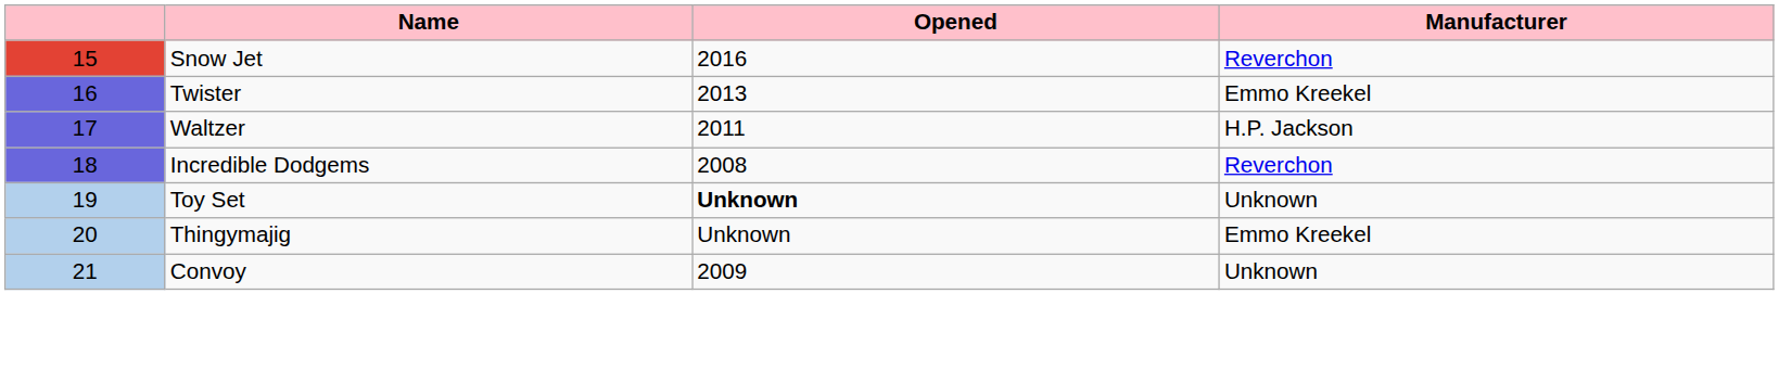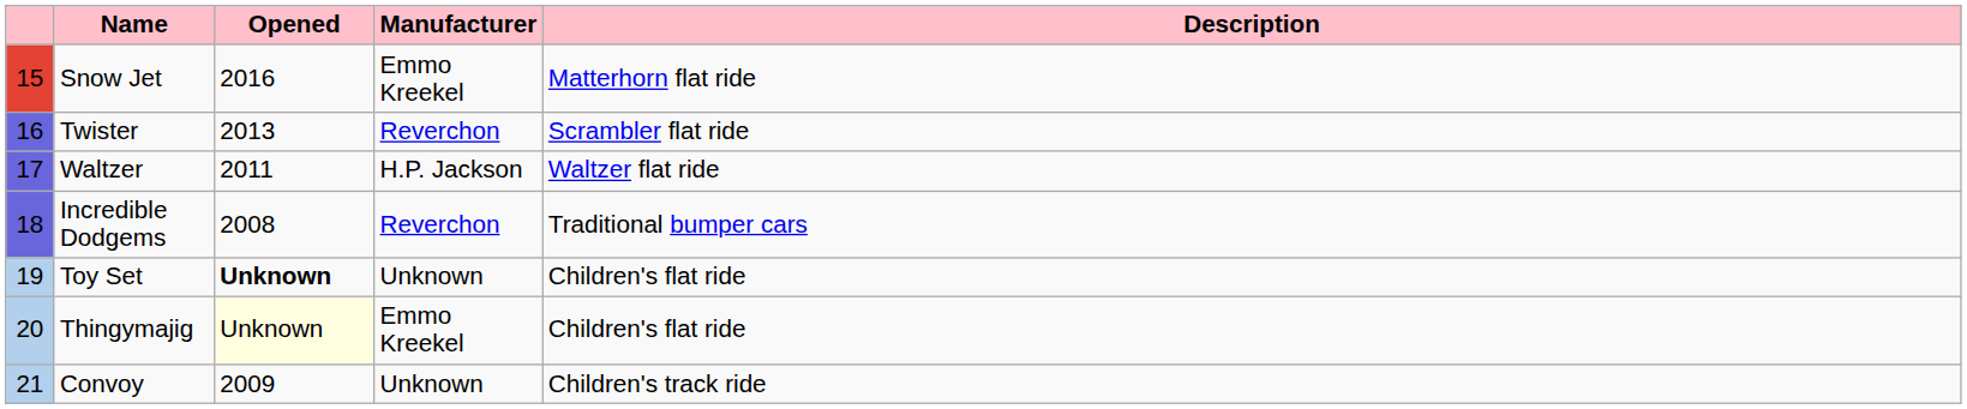 <table class="wikitable sortable" style="width: 100%; font sizes: 95%;">
 <tr>
 <th style="background-color: #FFC0CB; width: 1.5em;"></th>
 <th style="background-color: #FFC0CB; width: 6em;">Name</th>
 <th style="background-color: #FFC0CB; width: 6em;">Opened</th>
 <th style="background-color: #FFC0CB; width: 6em;">Manufacturer</th>
+<th style="background-color: #FFC0CB;">Description</th>
 </tr>
 <tr>
 <td bgcolor="#e34234" style="text-align: center;">15</td>
 <td>Snow Jet</td>
 <td>2016</td>
-<td><a href='#'>Reverchon</a></td>
+<td>Emmo Kreekel</td>
+<td><a href='#'>Matterhorn</a> flat ride</td>
 </tr>
 <tr>
 <td bgcolor="#6966dc" style="text-align: center;">16</td>
 <td>Twister</td>
 <td>2013</td>
-<td>Emmo Kreekel</td>
+<td><a href='#'>Reverchon</a></td>
+<td><a href='#'>Scrambler</a> flat ride</td>
 </tr>
 <tr>
 <td bgcolor="#6966dc" style="text-align: center;">17</td>
 <td>Waltzer</td>
 <td>2011</td>
 <td>H.P. Jackson</td>
+<td><a href='#'>Waltzer</a> flat ride</td>
 </tr>
 <tr>
 <td bgcolor="#6966dc" style="text-align: center;">18</td>
 <td>Incredible Dodgems</td>
 <td>2008</td>
 <td><a href='#'>Reverchon</a></td>
+<td>Traditional <a href='#'>bumper cars</a></td>
 </tr>
 <tr>
 <td bgcolor="#b2d0ec" style="text-align: center;">19</td>
 <td>Toy Set</td>
 <td><strong>Unknown</strong></td>
 <td>Unknown</td>
+<td>Children's flat ride</td>
 </tr>
 <tr>
 <td bgcolor="#b2d0ec" style="text-align: center;">20</td>
 <td>Thingymajig</td>
-<td>Unknown</td>
+<td style="background: lightyellow;">Unknown</td>
 <td>Emmo Kreekel</td>
+<td>Children's flat ride</td>
 </tr>
 <tr>
 <td bgcolor="#b2d0ec" style="text-align: center;">21</td>
 <td>Convoy</td>
 <td>2009</td>
 <td>Unknown</td>
+<td>Children's track ride</td>
 </tr>
 </table>
